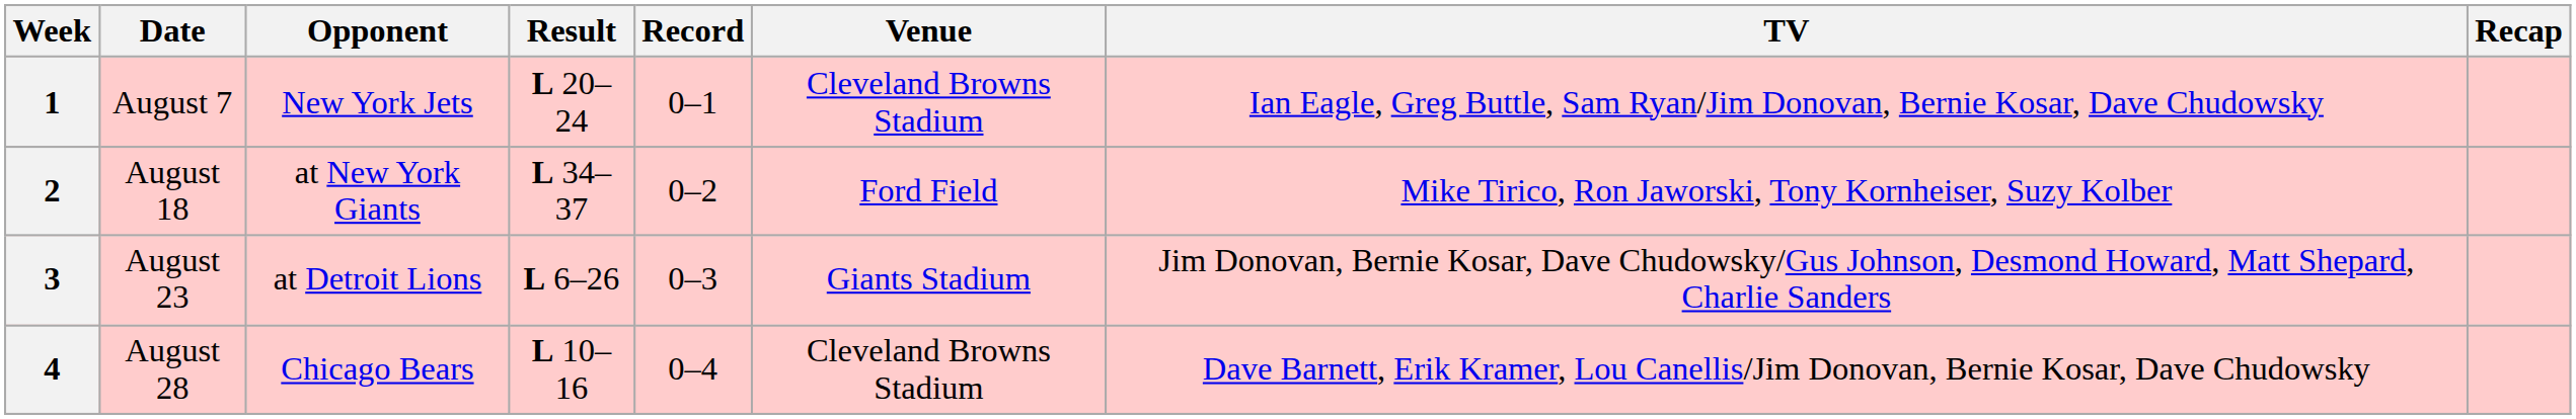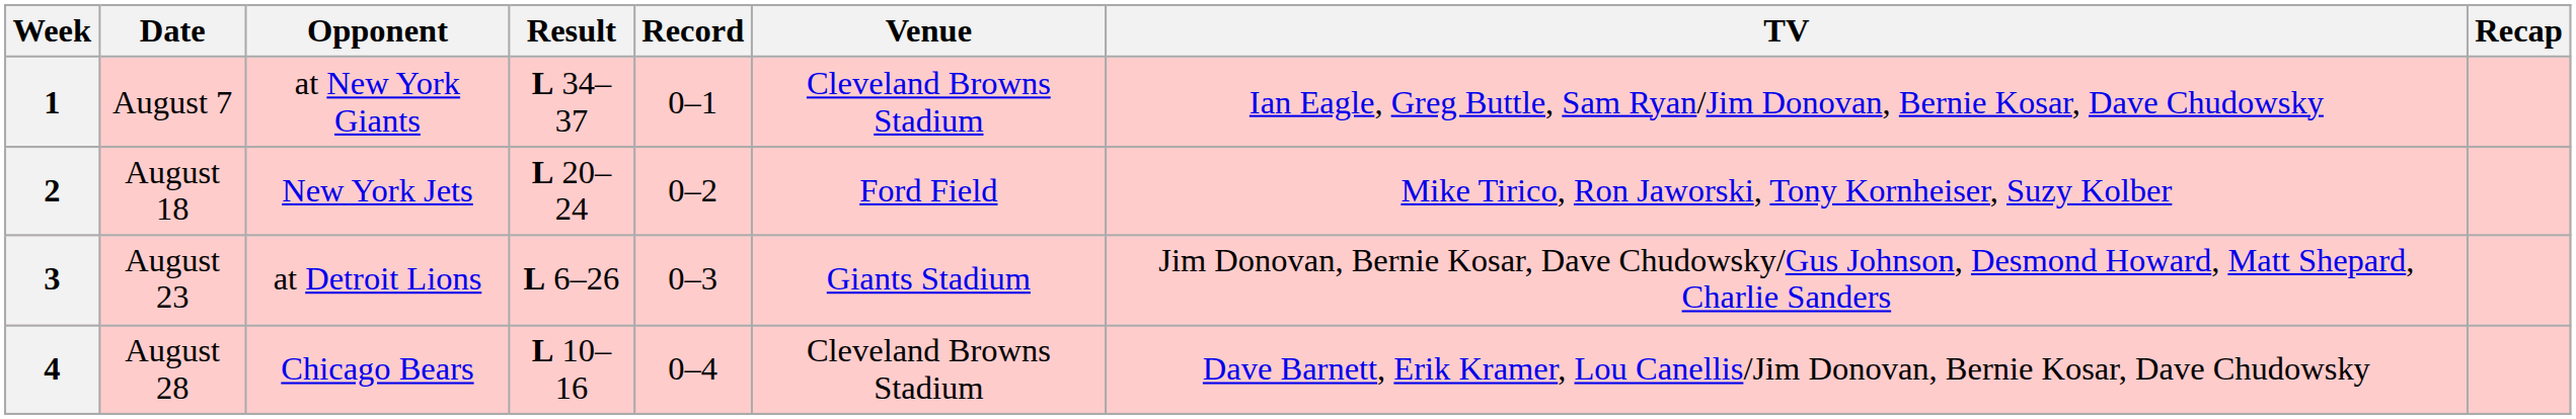 <table class="wikitable" style="text-align:center">
 <tr>
 <th>Week</th>
 <th>Date</th>
 <th>Opponent</th>
 <th>Result</th>
 <th>Record</th>
 <th>Venue</th>
 <th>TV</th>
 <th>Recap</th>
 </tr>
 <tr style="background-color:#fcc">
 <th>1</th>
 <td>August 7</td>
-<td><a href='#'>New York Jets</a></td>
-<td><strong>L</strong>  20–24</td>
+<td>at <a href='#'>New York Giants</a></td>
+<td><strong>L</strong>  34–37</td>
 <td>0–1</td>
 <td><a href='#'>Cleveland Browns Stadium</a></td>
 <td><a href='#'>Ian Eagle</a>, <a href='#'>Greg Buttle</a>, <a href='#'>Sam Ryan</a>/<a href='#'>Jim Donovan</a>, <a href='#'>Bernie Kosar</a>, <a href='#'>Dave Chudowsky</a></td>
 <td></td>
 </tr>
 <tr style="background-color:#fcc">
 <th>2</th>
 <td>August 18</td>
-<td>at <a href='#'>New York Giants</a></td>
-<td><strong>L</strong>  34–37</td>
+<td><a href='#'>New York Jets</a></td>
+<td><strong>L</strong>  20–24</td>
 <td>0–2</td>
 <td><a href='#'>Ford Field</a></td>
 <td><a href='#'>Mike Tirico</a>, <a href='#'>Ron Jaworski</a>, <a href='#'>Tony Kornheiser</a>, <a href='#'>Suzy Kolber</a></td>
 <td></td>
 </tr>
 <tr style="background-color:#fcc">
 <th>3</th>
 <td>August 23</td>
 <td>at <a href='#'>Detroit Lions</a></td>
 <td><strong>L</strong>  6–26</td>
 <td>0–3</td>
 <td><a href='#'>Giants Stadium</a></td>
 <td>Jim Donovan, Bernie Kosar, Dave Chudowsky/<a href='#'>Gus Johnson</a>, <a href='#'>Desmond Howard</a>, <a href='#'>Matt Shepard</a>, <a href='#'>Charlie Sanders</a></td>
 <td></td>
 </tr>
 <tr style="background-color:#fcc">
 <th>4</th>
 <td>August 28</td>
 <td><a href='#'>Chicago Bears</a></td>
 <td><strong>L</strong> 10–16</td>
 <td>0–4</td>
 <td>Cleveland Browns Stadium</td>
 <td><a href='#'>Dave Barnett</a>, <a href='#'>Erik Kramer</a>, <a href='#'>Lou Canellis</a>/Jim Donovan, Bernie Kosar, Dave Chudowsky</td>
 <td></td>
 </tr>
 <tr>
 </tr>
 </table>
